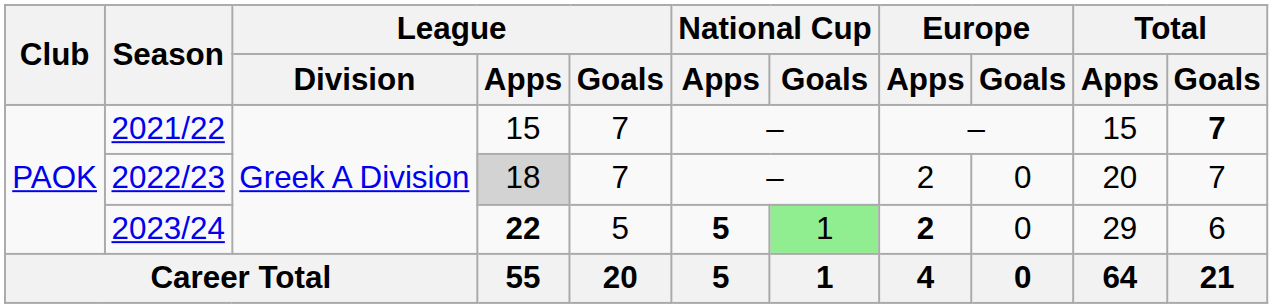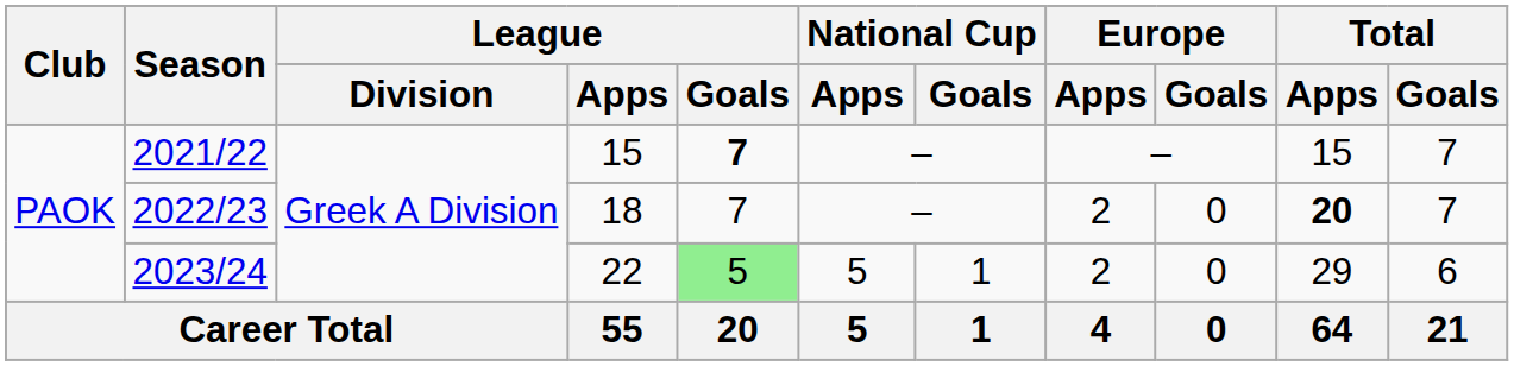 <table class="wikitable" style="text-align:center">
 <tr>
 <th rowspan="2">Club</th>
 <th rowspan="2">Season</th>
 <th colspan="3">League</th>
 <th colspan="2">National Cup</th>
 <th colspan="2">Europe</th>
 <th colspan="2">Total</th>
 </tr>
 <tr>
 <th>Division</th>
 <th>Apps</th>
 <th>Goals</th>
 <th>Apps</th>
 <th>Goals</th>
 <th>Apps</th>
 <th>Goals</th>
 <th>Apps</th>
 <th>Goals</th>
 </tr>
 <tr>
 <td rowspan="3"><a href='#'>PAOK</a></td>
 <td><a href='#'>2021/22</a></td>
 <td rowspan="3"><a href='#'>Greek A Division</a></td>
 <td>15</td>
-<td>7</td>
+<td><strong>7</strong></td>
 <td colspan="2">–</td>
 <td colspan="2">–</td>
 <td>15</td>
-<td><strong>7</strong></td>
+<td>7</td>
 </tr>
 <tr>
 <td><a href='#'>2022/23</a></td>
-<td style="background: lightgrey;">18</td>
+<td>18</td>
 <td>7</td>
 <td colspan="2">–</td>
 <td>2</td>
 <td>0</td>
-<td>20</td>
+<td><strong>20</strong></td>
 <td>7</td>
 </tr>
 <tr>
 <td><a href='#'>2023/24</a></td>
-<td><strong>22</strong></td>
+<td>22</td>
+<td style="background: lightgreen;">5</td>
 <td>5</td>
-<td><strong>5</strong></td>
-<td style="background: lightgreen;">1</td>
-<td><strong>2</strong></td>
+<td>1</td>
+<td>2</td>
 <td>0</td>
 <td>29</td>
 <td>6</td>
 </tr>
 <tr>
 <th colspan="3"><strong>Career Total</strong></th>
 <th>55</th>
 <th>20</th>
 <th>5</th>
 <th>1</th>
 <th>4</th>
 <th>0</th>
 <th>64</th>
 <th>21</th>
 </tr>
 </table>
